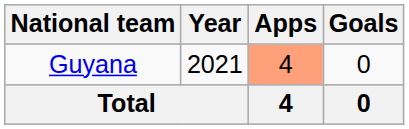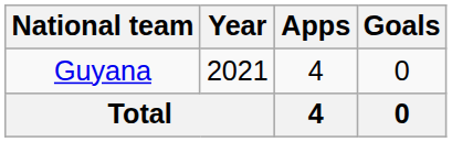 <table class="wikitable" style="text-align: center;">
 <tr>
 <th>National team</th>
 <th>Year</th>
 <th>Apps</th>
 <th>Goals</th>
 </tr>
 <tr>
 <td><a href='#'>Guyana</a></td>
 <td>2021</td>
-<td style="background: lightsalmon;">4</td>
+<td>4</td>
 <td>0</td>
 </tr>
 <tr>
 <th colspan="2">Total</th>
 <th>4</th>
 <th>0</th>
 </tr>
 </table>
